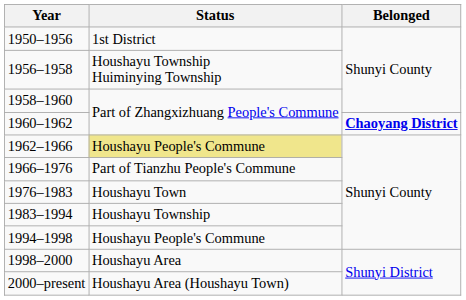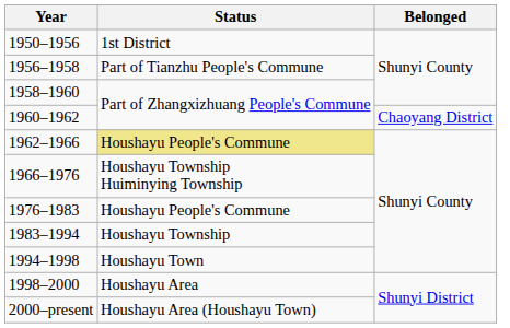 <table class="wikitable">
 <tr>
 <th>Year</th>
 <th>Status</th>
 <th>Belonged</th>
 </tr>
 <tr>
 <td>1950–1956</td>
 <td>1st District</td>
 <td rowspan="3">Shunyi County</td>
 </tr>
 <tr>
 <td>1956–1958</td>
-<td>Houshayu Township<br>Huiminying Township</td>
+<td>Part of Tianzhu People's Commune</td>
 </tr>
 <tr>
 <td>1958–1960</td>
 <td rowspan="2">Part of Zhangxizhuang <a href='#'>People's Commune</a></td>
 </tr>
 <tr>
 <td>1960–1962</td>
-<td><strong><a href='#'>Chaoyang District</a></strong></td>
+<td><a href='#'>Chaoyang District</a></td>
 </tr>
 <tr>
 <td>1962–1966</td>
 <td style="background: khaki;">Houshayu People's Commune</td>
 <td rowspan="5">Shunyi County</td>
 </tr>
 <tr>
 <td>1966–1976</td>
-<td>Part of Tianzhu People's Commune</td>
+<td>Houshayu Township<br>Huiminying Township</td>
 </tr>
 <tr>
 <td>1976–1983</td>
-<td>Houshayu Town</td>
+<td>Houshayu People's Commune</td>
 </tr>
 <tr>
 <td>1983–1994</td>
 <td>Houshayu Township</td>
 </tr>
 <tr>
 <td>1994–1998</td>
-<td>Houshayu People's Commune</td>
+<td>Houshayu Town</td>
 </tr>
 <tr>
 <td>1998–2000</td>
 <td>Houshayu Area</td>
 <td rowspan="2"><a href='#'>Shunyi District</a></td>
 </tr>
 <tr>
 <td>2000–present</td>
 <td>Houshayu Area (Houshayu Town)</td>
 </tr>
 </table>
